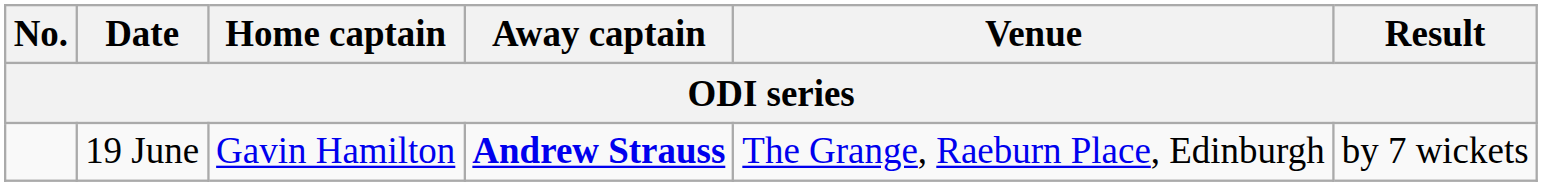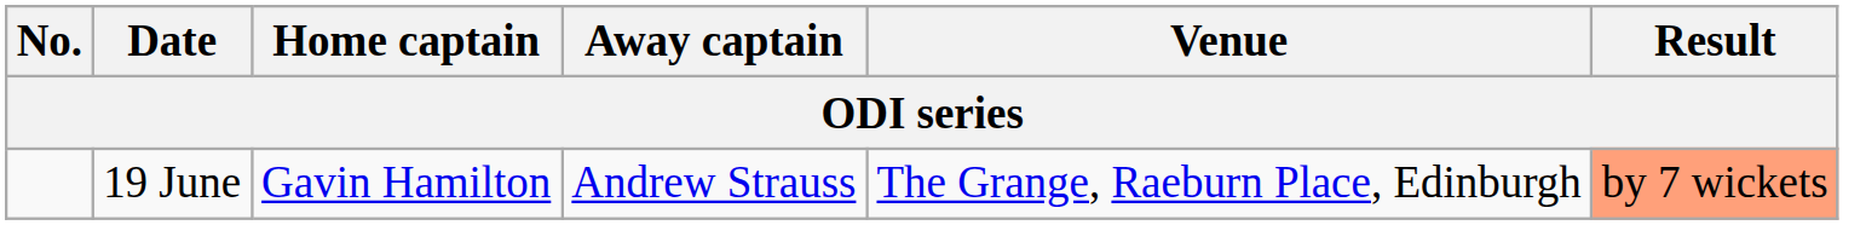 <table class="wikitable">
 <tr>
 <th>No.</th>
 <th>Date</th>
 <th>Home captain</th>
 <th>Away captain</th>
 <th>Venue</th>
 <th>Result</th>
 </tr>
 <tr>
 <th colspan="9">ODI series</th>
 </tr>
 <tr>
 <td></td>
 <td>19 June</td>
 <td><a href='#'>Gavin Hamilton</a></td>
-<td><strong><a href='#'>Andrew Strauss</a></strong></td>
+<td><a href='#'>Andrew Strauss</a></td>
 <td><a href='#'>The Grange</a>, <a href='#'>Raeburn Place</a>, Edinburgh</td>
-<td> by 7 wickets</td>
+<td style="background: lightsalmon;"> by 7 wickets</td>
 </tr>
 </table>
